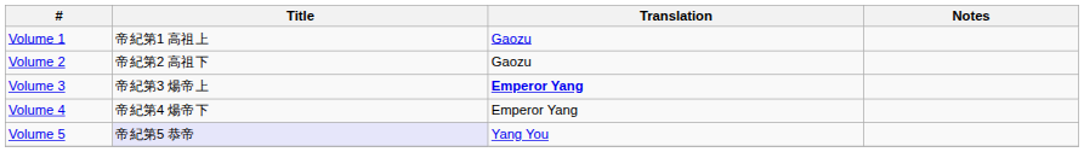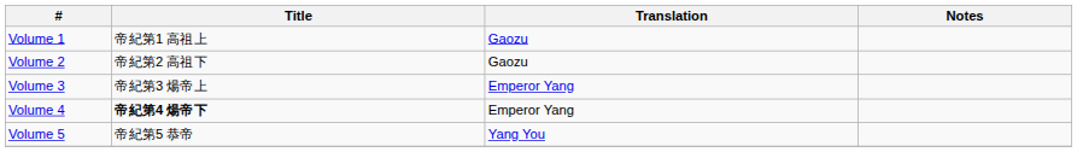 <table class=wikitable width=100%>
 <tr>
 <th width=10%>#</th>
 <th width=35%>Title</th>
 <th width=35%>Translation</th>
 <th width=20%>Notes</th>
 </tr>
 <tr>
 <td><a href='#'>Volume 1</a></td>
 <td>帝紀第1 高祖上</td>
 <td><a href='#'>Gaozu</a></td>
 <td></td>
 </tr>
 <tr>
 <td><a href='#'>Volume 2</a></td>
 <td>帝紀第2 高祖下</td>
 <td>Gaozu</td>
 <td></td>
 </tr>
 <tr>
 <td><a href='#'>Volume 3</a></td>
 <td>帝紀第3 煬帝上</td>
-<td><strong><a href='#'>Emperor Yang</a></strong></td>
+<td><a href='#'>Emperor Yang</a></td>
 <td></td>
 </tr>
 <tr>
 <td><a href='#'>Volume 4</a></td>
-<td>帝紀第4 煬帝下</td>
+<td><strong>帝紀第4 煬帝下</strong></td>
 <td>Emperor Yang</td>
 <td></td>
 </tr>
 <tr>
 <td><a href='#'>Volume 5</a></td>
-<td style="background: lavender;">帝紀第5 恭帝</td>
+<td>帝紀第5 恭帝</td>
 <td><a href='#'>Yang You</a></td>
 <td></td>
 </tr>
 <tr>
 </tr>
 </table>
